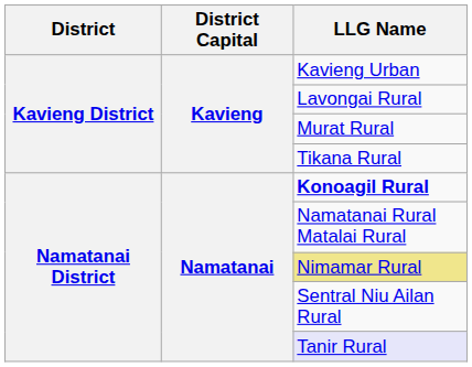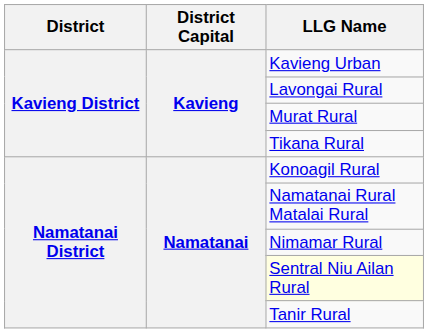 <table class="wikitable" style="text-align: left;" width="400">
 <tr>
 <th>District</th>
 <th>District Capital</th>
 <th>LLG Name</th>
 </tr>
 <tr>
 <th rowspan="4"><a href='#'>Kavieng District</a></th>
 <th rowspan="4"><a href='#'>Kavieng</a></th>
 <td><a href='#'>Kavieng Urban</a></td>
 </tr>
 <tr>
 <td><a href='#'>Lavongai Rural</a></td>
 </tr>
 <tr>
 <td><a href='#'>Murat Rural</a></td>
 </tr>
 <tr>
 <td><a href='#'>Tikana Rural</a></td>
 </tr>
 <tr>
 <th rowspan="5"><a href='#'>Namatanai District</a></th>
 <th rowspan="5"><a href='#'>Namatanai</a></th>
-<td><strong><a href='#'>Konoagil Rural</a></strong></td>
+<td><a href='#'>Konoagil Rural</a></td>
 </tr>
 <tr>
 <td><a href='#'>Namatanai Rural</a><br><a href='#'>Matalai Rural</a></td>
 </tr>
 <tr>
-<td style="background: khaki;"><a href='#'>Nimamar Rural</a></td>
+<td><a href='#'>Nimamar Rural</a></td>
 </tr>
 <tr>
-<td><a href='#'>Sentral Niu Ailan Rural</a></td>
+<td style="background: lightyellow;"><a href='#'>Sentral Niu Ailan Rural</a></td>
 </tr>
 <tr>
-<td style="background: lavender;"><a href='#'>Tanir Rural</a></td>
+<td><a href='#'>Tanir Rural</a></td>
 </tr>
 </table>
